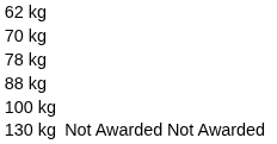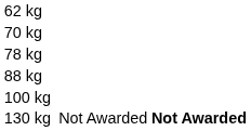 <table>
 <tr>
 <td rowspan=2>62 kg</td>
 <td rowspan=2></td>
 <td rowspan=2></td>
 <td></td>
 </tr>
 <tr>
 <td></td>
 </tr>
 <tr>
 <td rowspan=2>70 kg</td>
 <td rowspan=2></td>
 <td rowspan=2></td>
 <td></td>
 </tr>
 <tr>
 <td></td>
 </tr>
 <tr>
 <td rowspan=2>78 kg</td>
 <td rowspan=2></td>
 <td rowspan=2></td>
 <td></td>
 </tr>
 <tr>
 <td></td>
 </tr>
 <tr>
 <td rowspan=2>88 kg</td>
 <td rowspan=2></td>
 <td rowspan=2></td>
 <td></td>
 </tr>
 <tr>
 <td></td>
 </tr>
 <tr>
 <td rowspan=2>100 kg</td>
 <td rowspan=2></td>
 <td rowspan=2></td>
 <td></td>
 </tr>
 <tr>
 <td></td>
 </tr>
 <tr>
 <td rowspan=2>130 kg</td>
 <td></td>
 <td>Not Awarded</td>
-<td>Not Awarded</td>
+<td><strong>Not Awarded</strong></td>
 </tr>
 </table>
